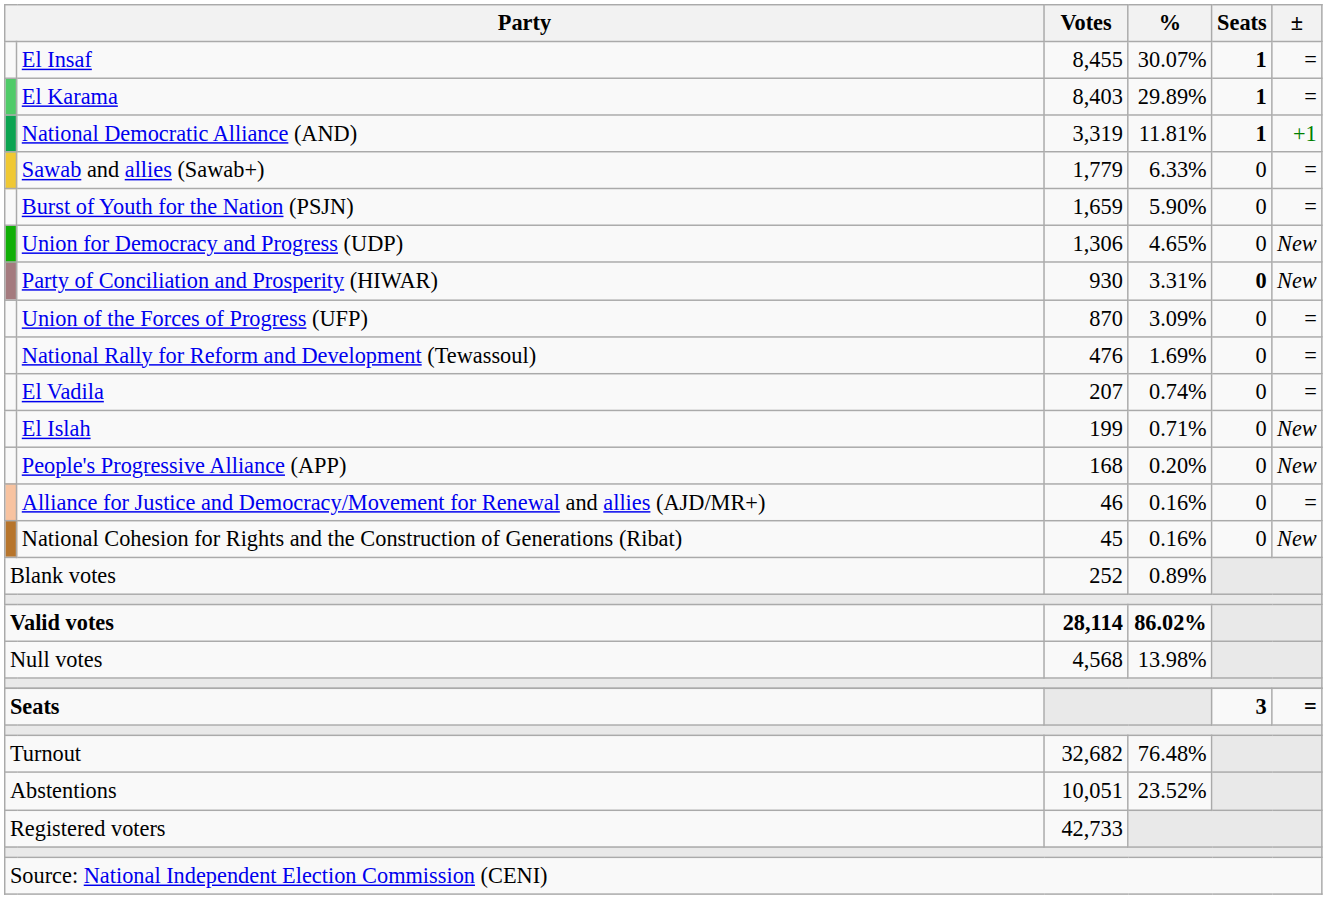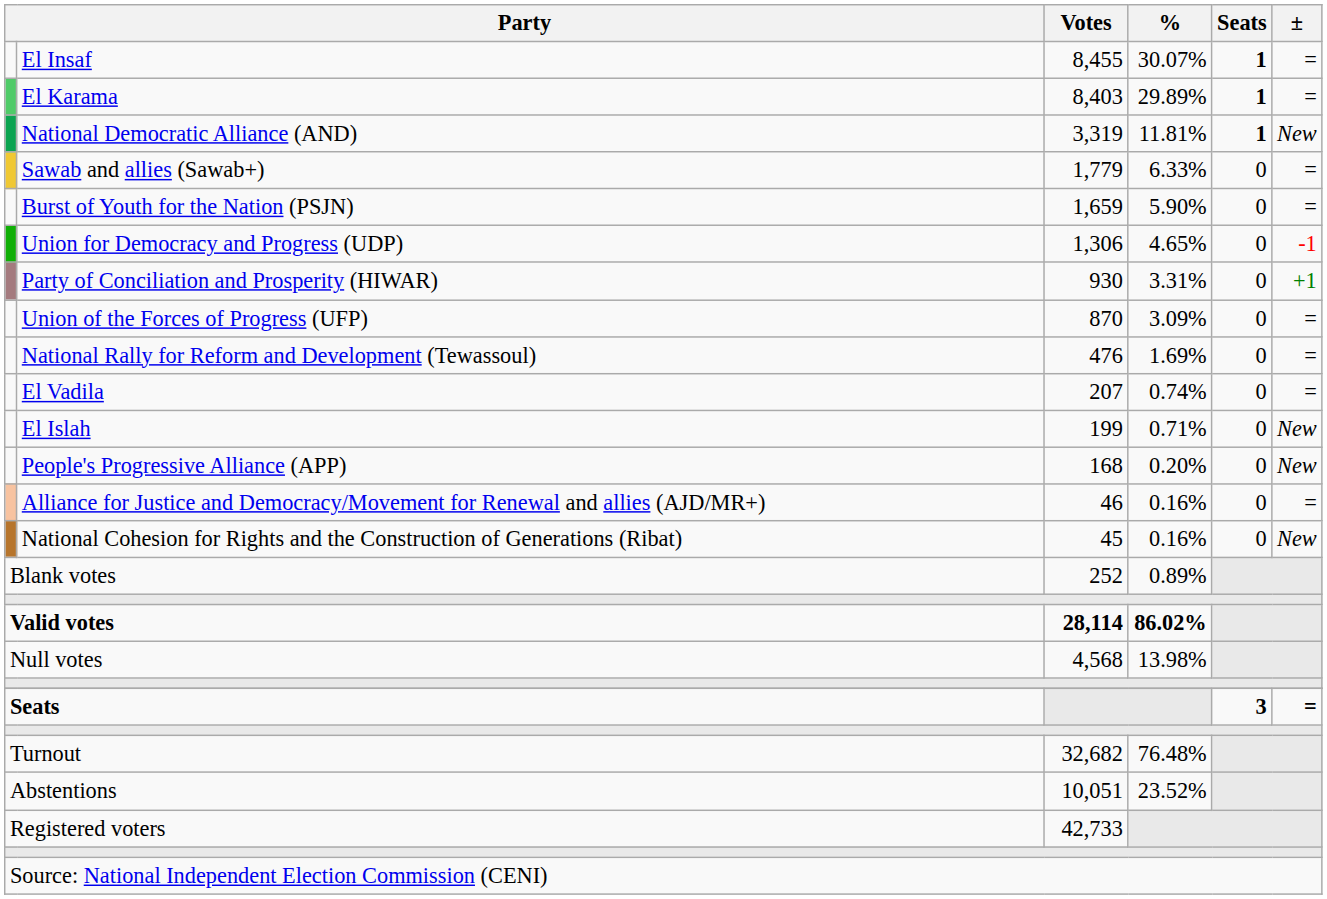 <table class="wikitable" style="text-align:right;font-size:95%;">
 <tr>
 <th width="700" colspan="2">Party</th>
 <th width="50">Votes</th>
 <th width="50">%</th>
 <th width="25">Seats</th>
 <th width="20">±</th>
 </tr>
 <tr>
 <td width="1" style="color:inherit;background:"></td>
 <td style="text-align:left;"><a href='#'>El Insaf</a></td>
 <td>8,455</td>
 <td>30.07%</td>
 <td><strong>1</strong></td>
 <td>=</td>
 </tr>
 <tr>
 <td width="1" style="color:inherit;background:#4FCB68;"></td>
 <td style="text-align:left;"><a href='#'>El Karama</a></td>
 <td>8,403</td>
 <td>29.89%</td>
 <td><strong>1</strong></td>
 <td>=</td>
 </tr>
 <tr>
 <td width="1" style="color:inherit;background:#0AA450;"></td>
 <td style="text-align:left;"><a href='#'>National Democratic Alliance</a> (AND)</td>
 <td>3,319</td>
 <td>11.81%</td>
 <td><strong>1</strong></td>
-<td style="color:green;">+1</td>
+<td><em>New</em></td>
 </tr>
 <tr>
 <td width="1" style="color:inherit;background:#F0C832;"></td>
 <td style="text-align:left;"><a href='#'>Sawab</a> and <a href='#'>allies</a> (Sawab+)</td>
 <td>1,779</td>
 <td>6.33%</td>
 <td>0</td>
 <td>=</td>
 </tr>
 <tr>
 <td width="1" style="color:inherit;background:"></td>
 <td style="text-align:left;"><a href='#'>Burst of Youth for the Nation</a> (PSJN)</td>
 <td>1,659</td>
 <td>5.90%</td>
 <td>0</td>
 <td>=</td>
 </tr>
 <tr>
 <td width="1" style="color:inherit;background:#0FAF05;"></td>
 <td style="text-align:left;"><a href='#'>Union for Democracy and Progress</a> (UDP)</td>
 <td>1,306</td>
 <td>4.65%</td>
 <td>0</td>
-<td><em>New</em></td>
+<td style="color:red;">-1</td>
 </tr>
 <tr>
 <td width="1" style="color:inherit;background:#A47A7E;"></td>
 <td style="text-align:left;"><a href='#'>Party of Conciliation and Prosperity</a> (HIWAR)</td>
 <td>930</td>
 <td>3.31%</td>
-<td><strong>0</strong></td>
-<td><em>New</em></td>
+<td>0</td>
+<td style="color:green;">+1</td>
 </tr>
 <tr>
 <td width="1" style="color:inherit;background:"></td>
 <td style="text-align:left;"><a href='#'>Union of the Forces of Progress</a> (UFP)</td>
 <td>870</td>
 <td>3.09%</td>
 <td>0</td>
 <td>=</td>
 </tr>
 <tr>
 <td width="1" style="color:inherit;background:"></td>
 <td style="text-align:left;"><a href='#'>National Rally for Reform and Development</a> (Tewassoul)</td>
 <td>476</td>
 <td>1.69%</td>
 <td>0</td>
 <td>=</td>
 </tr>
 <tr>
 <td width="1" style="color:inherit;background:"></td>
 <td style="text-align:left;"><a href='#'>El Vadila</a></td>
 <td>207</td>
 <td>0.74%</td>
 <td>0</td>
 <td>=</td>
 </tr>
 <tr>
 <td width="1" style="color:inherit;background:"></td>
 <td style="text-align:left;"><a href='#'>El Islah</a></td>
 <td>199</td>
 <td>0.71%</td>
 <td>0</td>
 <td><em>New</em></td>
 </tr>
 <tr>
 <td width="1" style="color:inherit;background:"></td>
 <td style="text-align:left;"><a href='#'>People's Progressive Alliance</a> (APP)</td>
 <td>168</td>
 <td>0.20%</td>
 <td>0</td>
 <td><em>New</em></td>
 </tr>
 <tr>
 <td width="1" style="color:inherit;background:#F8C3A0;"></td>
 <td style="text-align:left;"><a href='#'>Alliance for Justice and Democracy/Movement for Renewal</a> and <a href='#'>allies</a> (AJD/MR+)</td>
 <td>46</td>
 <td>0.16%</td>
 <td>0</td>
 <td>=</td>
 </tr>
 <tr>
 <td width="1" style="color:inherit;background:#B7752C;"></td>
 <td style="text-align:left;">National Cohesion for Rights and the Construction of Generations (Ribat)</td>
 <td>45</td>
 <td>0.16%</td>
 <td>0</td>
 <td><em>New</em></td>
 </tr>
 <tr>
 <td colspan="2" style="text-align:left;">Blank votes</td>
 <td>252</td>
 <td>0.89%</td>
 <td colspan="2" style="background:#E9E9E9;"></td>
 </tr>
 <tr>
 <td colspan="6" style="background:#E9E9E9;"></td>
 </tr>
 <tr style="font-weight:bold;">
 <td colspan="2" style="text-align:left;">Valid votes</td>
 <td>28,114</td>
 <td>86.02%</td>
 <td colspan="2" style="background:#E9E9E9;"></td>
 </tr>
 <tr>
 <td colspan="2" style="text-align:left;">Null votes</td>
 <td>4,568</td>
 <td>13.98%</td>
 <td colspan="2" style="background:#E9E9E9;"></td>
 </tr>
 <tr>
 <td colspan="6" style="background:#E9E9E9;"></td>
 </tr>
 <tr>
 </tr>
 <tr style="font-weight:bold;">
 <td colspan="2" style="text-align:left;">Seats</td>
 <td colspan="2" style="background:#E9E9E9;"></td>
 <td>3</td>
 <td>=</td>
 </tr>
 <tr>
 <td colspan="6" style="background:#E9E9E9;"></td>
 </tr>
 <tr>
 <td colspan="2" style="text-align:left;">Turnout</td>
 <td>32,682</td>
 <td>76.48%</td>
 <td colspan="2" style="background:#E9E9E9;"></td>
 </tr>
 <tr>
 <td colspan="2" style="text-align:left;">Abstentions</td>
 <td>10,051</td>
 <td>23.52%</td>
 <td colspan="2" style="background:#E9E9E9;"></td>
 </tr>
 <tr>
 <td colspan="2" style="text-align:left;">Registered voters</td>
 <td>42,733</td>
 <td colspan="3" style="background:#E9E9E9;"></td>
 </tr>
 <tr>
 <td colspan="6" style="background:#E9E9E9;"></td>
 </tr>
 <tr>
 <td colspan="6" style="text-align:left;">Source: <a href='#'>National Independent Election Commission</a> (CENI)</td>
 </tr>
 </table>
